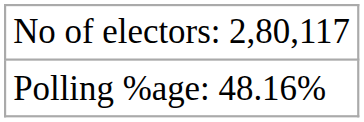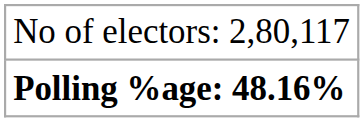 <table class="wikitable sortable" style="background:#fff;">
 <tr>
 <td>No of electors: 2,80,117</td>
 </tr>
 <tr style="text-align:left;">
-<td>Polling %age: 48.16%</td>
+<td><strong>Polling %age: 48.16%</strong></td>
 </tr>
 </table>
